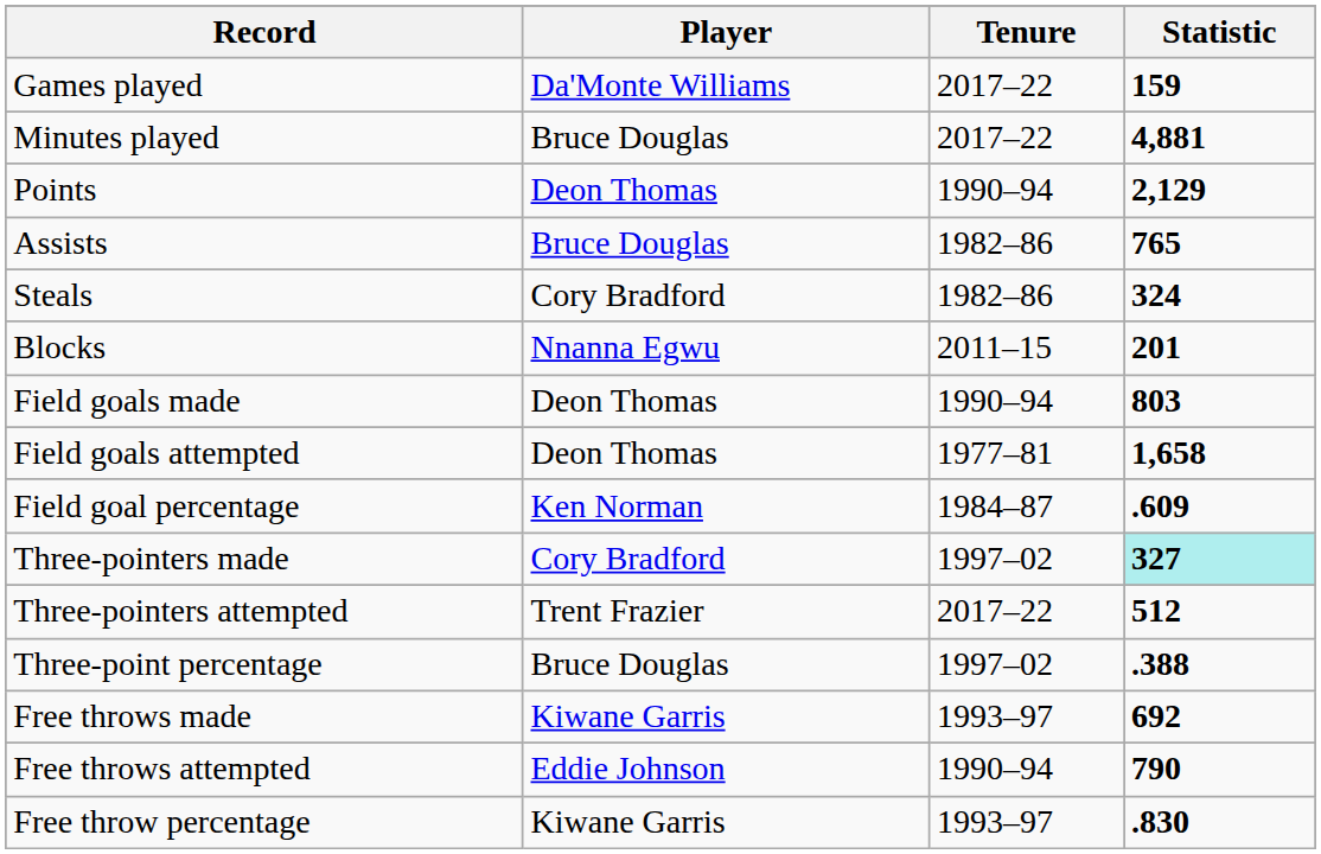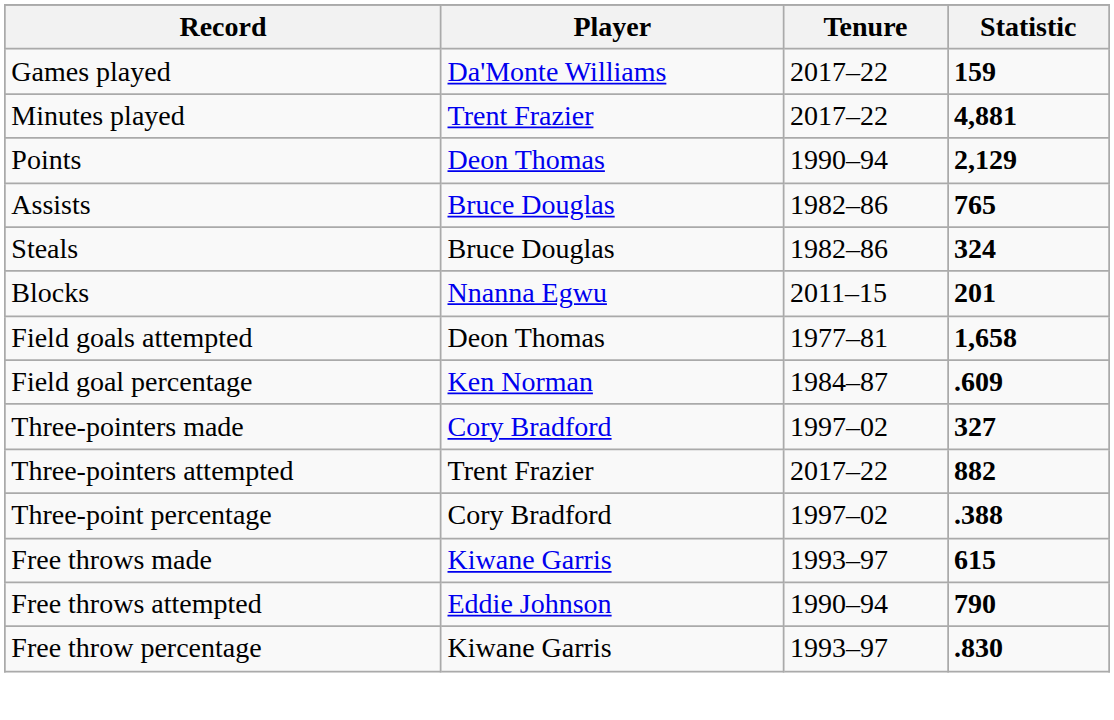 <table class="wikitable sortable" style="text-align: left; width: 50%">
 <tr>
 </tr>
 <tr>
 <th>Record</th>
 <th>Player</th>
 <th>Tenure</th>
 <th>Statistic</th>
 </tr>
 <tr>
 <td>Games played</td>
 <td><a href='#'>Da'Monte Williams</a></td>
 <td>2017–22</td>
 <td><strong>159</strong></td>
 </tr>
 <tr>
 <td>Minutes played</td>
-<td>Bruce Douglas</td>
+<td><a href='#'>Trent Frazier</a></td>
 <td>2017–22</td>
 <td><strong>4,881</strong></td>
 </tr>
 <tr>
 <td>Points</td>
 <td><a href='#'>Deon Thomas</a></td>
 <td>1990–94</td>
 <td><strong>2,129</strong></td>
 </tr>
 <tr>
 <td>Assists</td>
 <td><a href='#'>Bruce Douglas</a></td>
 <td>1982–86</td>
 <td><strong>765</strong></td>
 </tr>
 <tr>
 <td>Steals</td>
-<td>Cory Bradford</td>
+<td>Bruce Douglas</td>
 <td>1982–86</td>
 <td><strong>324</strong></td>
 </tr>
 <tr>
 <td>Blocks</td>
 <td><a href='#'>Nnanna Egwu</a></td>
 <td>2011–15</td>
 <td><strong>201</strong></td>
-</tr>
-<tr>
-<td>Field goals made</td>
-<td>Deon Thomas</td>
-<td>1990–94</td>
-<td><strong>803</strong></td>
 </tr>
 <tr>
 <td>Field goals attempted</td>
 <td>Deon Thomas</td>
 <td>1977–81</td>
 <td><strong>1,658</strong></td>
 </tr>
 <tr>
 <td>Field goal percentage</td>
 <td><a href='#'>Ken Norman</a></td>
 <td>1984–87</td>
 <td><strong>.609</strong></td>
 </tr>
 <tr>
 <td>Three-pointers made</td>
 <td><a href='#'>Cory Bradford</a></td>
 <td>1997–02</td>
-<td style="background: paleturquoise;"><strong>327</strong></td>
+<td><strong>327</strong></td>
 </tr>
 <tr>
 <td>Three-pointers attempted</td>
 <td>Trent Frazier</td>
 <td>2017–22</td>
-<td><strong>512</strong></td>
+<td><strong>882</strong></td>
 </tr>
 <tr>
 <td>Three-point percentage</td>
-<td>Bruce Douglas</td>
+<td>Cory Bradford</td>
 <td>1997–02</td>
 <td><strong>.388</strong></td>
 </tr>
 <tr>
 <td>Free throws made</td>
 <td><a href='#'>Kiwane Garris</a></td>
 <td>1993–97</td>
-<td><strong>692</strong></td>
+<td><strong>615</strong></td>
 </tr>
 <tr>
 <td>Free throws attempted</td>
 <td><a href='#'>Eddie Johnson</a></td>
 <td>1990–94</td>
 <td><strong>790</strong></td>
 </tr>
 <tr>
 <td>Free throw percentage</td>
 <td>Kiwane Garris</td>
 <td>1993–97</td>
 <td><strong>.830</strong></td>
 </tr>
 </table>
